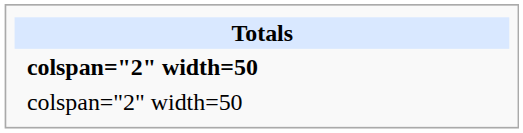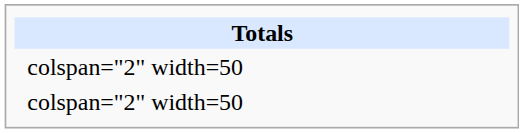 <table class="infobox" style="width: 21.5em; text-align: left; font-size: 90%; vertical-align: middle;">
 <tr bgcolor=#D9E8FF style="text-align:center;">
 </tr>
 <tr style="background-color:#d9e8ff">
 <td colspan="3" style="text-align:center;"><strong>Totals</strong></td>
 </tr>
 <tr>
 <td></td>
-<td><strong>colspan="2" width=50 </strong></td>
+<td>colspan="2" width=50 </td>
 </tr>
 <tr>
 <td></td>
 <td>colspan="2" width=50 </td>
 </tr>
 </table>
